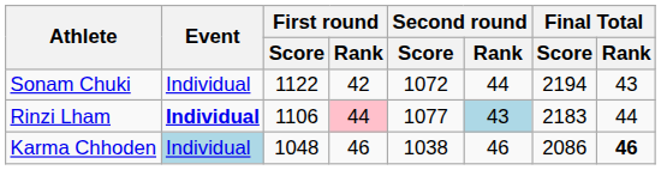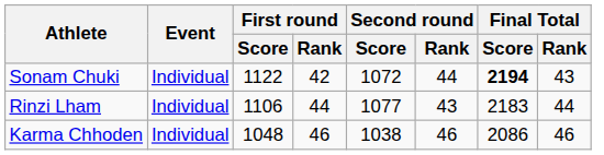 <table class="wikitable" style="font-size:90%">
 <tr>
 <th rowspan="2">Athlete</th>
 <th rowspan="2">Event</th>
 <th colspan="2">First round</th>
 <th colspan="2">Second round</th>
 <th colspan="2">Final Total</th>
 </tr>
 <tr>
 <th>Score</th>
 <th>Rank</th>
 <th>Score</th>
 <th>Rank</th>
 <th>Score</th>
 <th>Rank</th>
 </tr>
 <tr>
 <td><a href='#'>Sonam Chuki</a></td>
 <td><a href='#'>Individual</a></td>
 <td align=center>1122</td>
 <td align=center>42</td>
 <td align=center>1072</td>
 <td align=center>44</td>
-<td align=center>2194</td>
+<td align=center><strong>2194</strong></td>
 <td align=center>43</td>
 </tr>
 <tr>
 <td><a href='#'>Rinzi Lham</a></td>
-<td><strong><a href='#'>Individual</a></strong></td>
+<td><a href='#'>Individual</a></td>
 <td align=center>1106</td>
-<td align=center style="background: pink;">44</td>
+<td align=center>44</td>
 <td align=center>1077</td>
-<td align=center style="background: lightblue;">43</td>
+<td align=center>43</td>
 <td align=center>2183</td>
 <td align=center>44</td>
 </tr>
 <tr>
 <td><a href='#'>Karma Chhoden</a></td>
-<td style="background: lightblue;"><a href='#'>Individual</a></td>
+<td><a href='#'>Individual</a></td>
 <td align=center>1048</td>
 <td align=center>46</td>
 <td align=center>1038</td>
 <td align=center>46</td>
 <td align=center>2086</td>
-<td align=center><strong>46</strong></td>
+<td align=center>46</td>
 </tr>
 </table>
